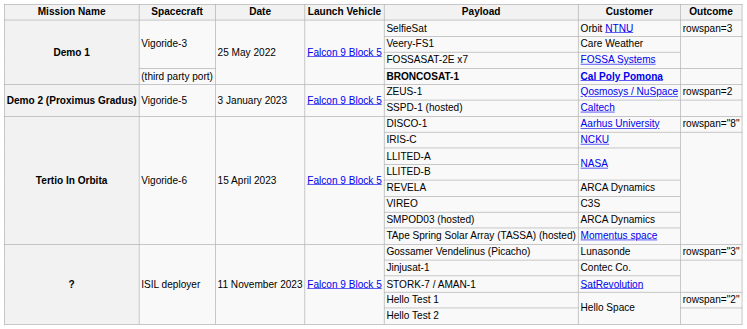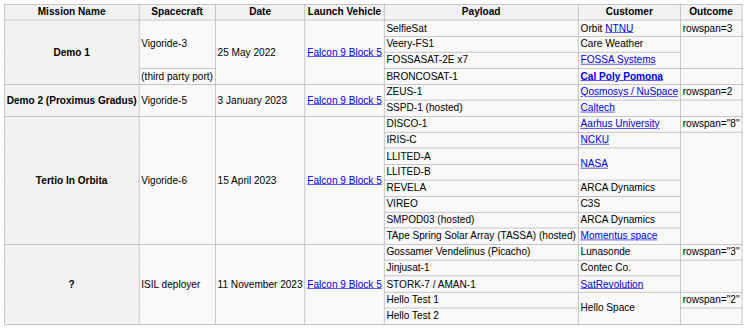 <table class="wikitable">
 <tr>
 <th>Mission Name</th>
 <th>Spacecraft</th>
 <th>Date</th>
 <th>Launch Vehicle</th>
 <th>Payload</th>
 <th>Customer</th>
 <th>Outcome</th>
 </tr>
 <tr>
 <th rowspan=4>Demo 1</th>
 <td rowspan=3>Vigoride-3</td>
 <td rowspan=4>25 May 2022</td>
 <td rowspan=4> <a href='#'>Falcon 9 Block 5</a></td>
 <td> SelfieSat</td>
 <td>Orbit <a href='#'>NTNU</a></td>
 <td>rowspan=3 </td>
 </tr>
 <tr>
 <td> Veery-FS1</td>
 <td>Care Weather</td>
 </tr>
 <tr>
 <td> FOSSASAT-2E x7</td>
 <td><a href='#'>FOSSA Systems</a></td>
 </tr>
 <tr>
 <td>(third party port)</td>
-<td><strong> BRONCOSAT-1</strong></td>
+<td> BRONCOSAT-1</td>
 <td><strong><a href='#'>Cal Poly Pomona</a></strong></td>
 <td></td>
 </tr>
 <tr>
 <th rowspan=2>Demo 2 (Proximus Gradus)</th>
 <td rowspan=2>Vigoride-5</td>
 <td rowspan=2>3 January 2023</td>
 <td rowspan=2> <a href='#'>Falcon 9 Block 5</a></td>
 <td> ZEUS-1</td>
 <td><a href='#'>Qosmosys / NuSpace</a></td>
 <td>rowspan=2 </td>
 </tr>
 <tr>
 <td> SSPD-1 (hosted)</td>
 <td><a href='#'>Caltech</a></td>
 </tr>
 <tr>
 <th rowspan="8">Tertio In Orbita</th>
 <td rowspan="8">Vigoride-6</td>
 <td rowspan="8">15 April 2023</td>
 <td rowspan="8"> <a href='#'>Falcon 9 Block 5</a></td>
 <td> DISCO-1</td>
 <td><a href='#'>Aarhus University</a></td>
 <td>rowspan="8" </td>
 </tr>
 <tr>
 <td> IRIS-C</td>
 <td><a href='#'>NCKU</a></td>
 </tr>
 <tr>
 <td> LLITED-A</td>
 <td rowspan="2"><a href='#'>NASA</a></td>
 </tr>
 <tr>
 <td> LLITED-B</td>
 </tr>
 <tr>
 <td> REVELA</td>
 <td>ARCA Dynamics</td>
 </tr>
 <tr>
 <td> VIREO</td>
 <td>C3S</td>
 </tr>
 <tr>
 <td> SMPOD03 (hosted)</td>
 <td>ARCA Dynamics</td>
 </tr>
 <tr>
 <td> TApe Spring Solar Array (TASSA) (hosted)</td>
 <td><a href='#'>Momentus space</a></td>
 </tr>
 <tr>
 <th rowspan="5">?</th>
 <td rowspan="5">ISIL deployer</td>
 <td rowspan="5">11 November 2023</td>
 <td rowspan="5"> <a href='#'>Falcon 9 Block 5</a></td>
 <td> Gossamer Vendelinus (Picacho)</td>
 <td>Lunasonde</td>
 <td>rowspan="3" </td>
 </tr>
 <tr>
 <td> Jinjusat-1</td>
 <td>Contec Co.</td>
 </tr>
 <tr>
 <td>  STORK-7 / AMAN-1</td>
 <td><a href='#'>SatRevolution</a></td>
 </tr>
 <tr>
 <td> Hello Test 1</td>
 <td rowspan="2">Hello Space</td>
 <td>rowspan="2" </td>
 </tr>
 <tr>
 <td> Hello Test 2</td>
 </tr>
 </table>
